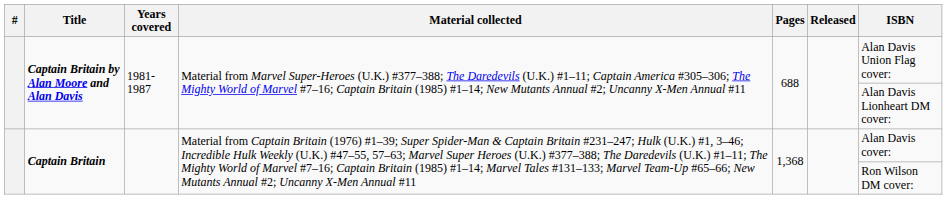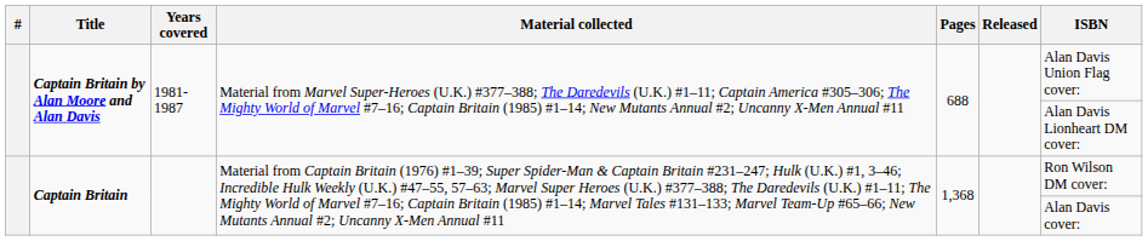 <table class="wikitable sortable" width="99%">
 <tr>
 <th class="unsortable" width="20px">#</th>
 <th>Title</th>
 <th>Years covered</th>
 <th class="unsortable">Material collected</th>
 <th>Pages</th>
 <th>Released</th>
 <th class="unsortable">ISBN</th>
 </tr>
 <tr>
 <th rowspan="2" style="background-color: light grey;"></th>
 <td rowspan="2"><strong><em>Captain Britain by <a href='#'>Alan Moore</a> and <a href='#'>Alan Davis</a></em></strong></td>
 <td rowspan="2">1981-1987</td>
 <td rowspan="2">Material from <em>Marvel Super-Heroes</em> (U.K.) #377–388; <em><a href='#'>The Daredevils</a></em> (U.K.) #1–11; <em>Captain America</em> #305–306; <em><a href='#'>The Mighty World of Marvel</a></em> #7–16; <em>Captain Britain</em> (1985) #1–14; <em>New Mutants Annual</em> #2; <em>Uncanny X-Men Annual</em> #11</td>
 <td rowspan="2" style="text-align: center;">688</td>
 <td rowspan="2"></td>
 <td>Alan Davis Union Flag cover: </td>
 </tr>
 <tr>
 <td>Alan Davis Lionheart DM cover: </td>
 </tr>
 <tr>
 <th rowspan="2" style="background-color: light grey;"></th>
 <td rowspan="2"><strong><em>Captain Britain</em></strong></td>
 <td rowspan="2"></td>
 <td rowspan="2">Material from <em>Captain Britain</em> (1976) #1–39; <em>Super Spider-Man & Captain Britain</em> #231–247; <em>Hulk</em> (U.K.) #1, 3–46; <em>Incredible Hulk Weekly</em> (U.K.) #47–55, 57–63; <em>Marvel Super Heroes</em> (U.K.) #377–388; <em>The Daredevils</em> (U.K.) #1–11; <em>The Mighty World of Marvel</em> #7–16; <em>Captain Britain</em> (1985) #1–14; <em>Marvel Tales</em> #131–133; <em>Marvel Team-Up</em> #65–66; <em>New Mutants Annual</em> #2; <em>Uncanny X-Men Annual</em> #11</td>
 <td rowspan="2" style="text-align: center;">1,368</td>
 <td rowspan="2"></td>
+<td>Ron Wilson DM cover: </td>
+</tr>
+<tr>
 <td>Alan Davis cover: </td>
 </tr>
-<tr>
-<td>Ron Wilson DM cover: </td>
-</tr>
 </table>
